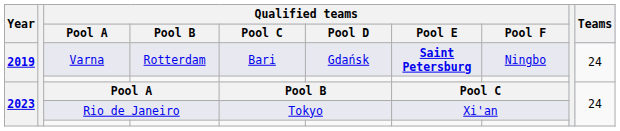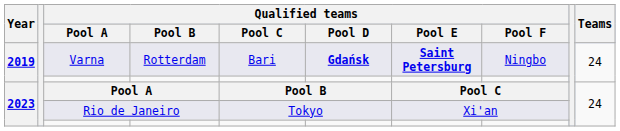 <table class="wikitable" style="font-size:90%; width: 100%; text-align: center;">
 <tr bgcolor=#c1d8ff>
 <th rowspan=2 width=4%>Year</th>
 <th width=1% rowspan=7 bgcolor=ffffff></th>
 <th colspan=6>Qualified teams</th>
 <th width=1% rowspan=7 bgcolor=ffffff></th>
 <th rowspan=2 width=5%>Teams</th>
 </tr>
 <tr>
 <th width=15%>Pool A</th>
 <th width=15%>Pool B</th>
 <th width=15%>Pool C</th>
 <th width=15%>Pool D</th>
 <th width=15%>Pool E</th>
 <th width=15%>Pool F</th>
 </tr>
 <tr>
 <th rowspan=2><a href='#'>2019</a></th>
 <td bgcolor=#E8E8F0> <a href='#'>Varna</a></td>
 <td bgcolor=#E8E8F0> <a href='#'>Rotterdam</a></td>
 <td bgcolor=#E8E8F0> <a href='#'>Bari</a></td>
-<td bgcolor=#E8E8F0> <a href='#'>Gdańsk</a></td>
+<td bgcolor=#E8E8F0><strong> <a href='#'>Gdańsk</a></strong></td>
 <td bgcolor=#E8E8F0><strong> <a href='#'>Saint Petersburg</a></strong></td>
 <td bgcolor=#E8E8F0> <a href='#'>Ningbo</a></td>
 <td rowspan=2>24</td>
 </tr>
 <tr>
 <td><strong></strong></td>
 <td><strong></strong></td>
 <td><strong></strong></td>
 <td><strong></strong></td>
 <td><strong></strong></td>
 <td><strong></strong></td>
 </tr>
 <tr>
 <th rowspan=3><a href='#'>2023</a></th>
 <th colspan=2>Pool A</th>
 <th colspan=2>Pool B</th>
 <th colspan=2>Pool C</th>
 <td rowspan=3>24</td>
 </tr>
 <tr>
 <td colspan=2 bgcolor=#E8E8F0> <a href='#'>Rio de Janeiro</a></td>
 <td colspan=2 bgcolor=#E8E8F0> <a href='#'>Tokyo</a></td>
 <td colspan=2 bgcolor=#E8E8F0> <a href='#'>Xi'an</a></td>
 </tr>
 <tr>
 <td><strong></strong></td>
 <td><strong></strong></td>
 <td><strong></strong></td>
 <td><strong></strong></td>
 <td><strong></strong></td>
 <td><strong></strong></td>
 </tr>
 </table>
